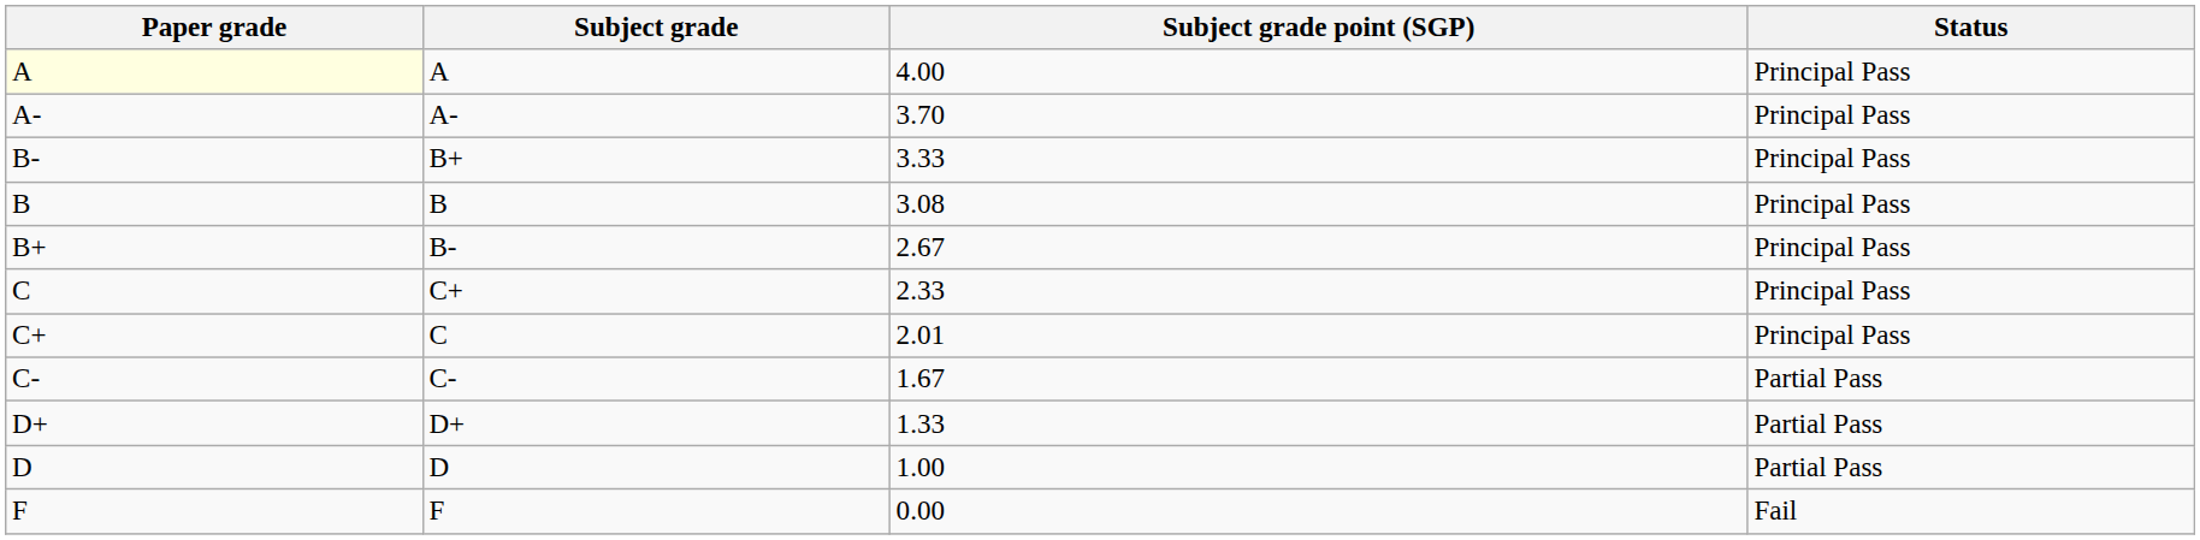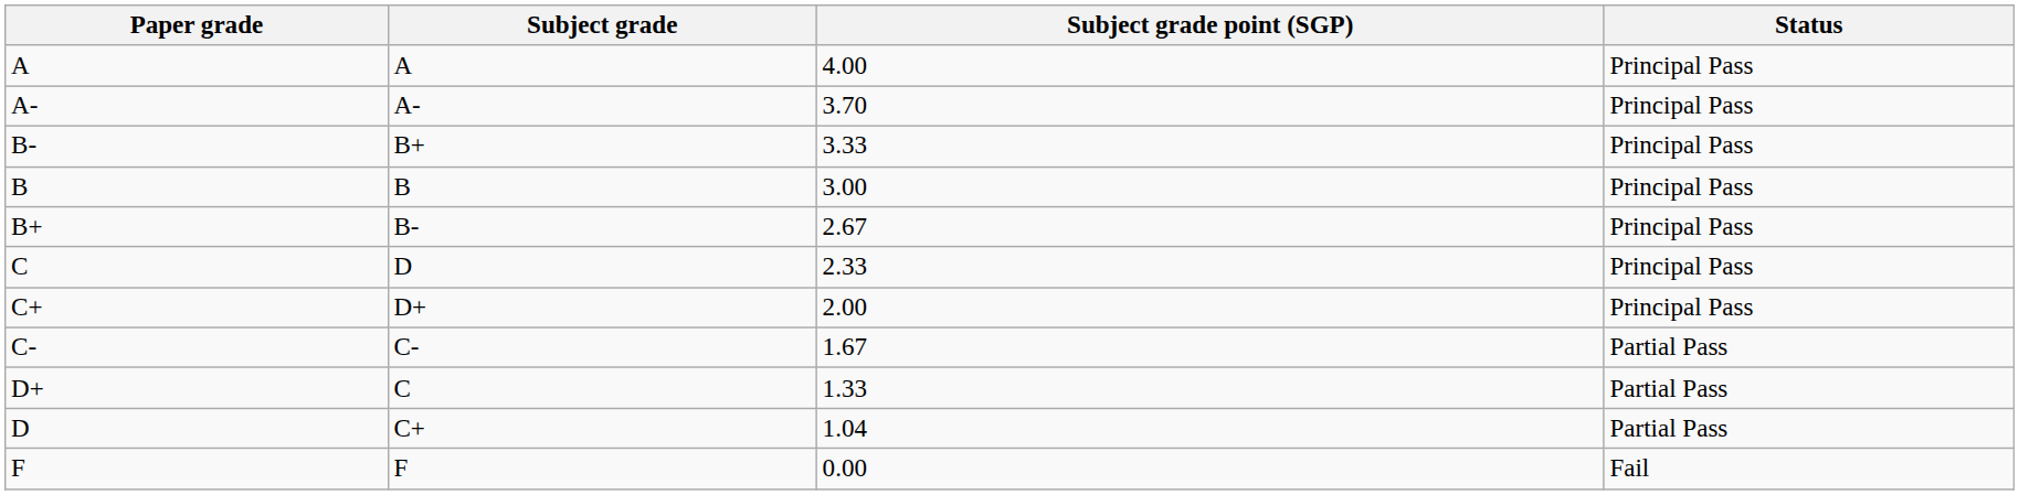 <table class="wikitable" width="100%">
 <tr>
 <th>Paper grade</th>
 <th>Subject grade</th>
 <th>Subject grade point (SGP)</th>
 <th>Status</th>
 </tr>
 <tr>
-<td style="background: lightyellow;">A</td>
+<td>A</td>
 <td>A</td>
 <td>4.00</td>
 <td>Principal Pass</td>
 </tr>
 <tr>
 <td>A-</td>
 <td>A-</td>
 <td>3.70</td>
 <td>Principal Pass</td>
 </tr>
 <tr>
 <td>B-</td>
 <td>B+</td>
 <td>3.33</td>
 <td>Principal Pass</td>
 </tr>
 <tr>
 <td>B</td>
 <td>B</td>
-<td>3.08</td>
+<td>3.00</td>
 <td>Principal Pass</td>
 </tr>
 <tr>
 <td>B+</td>
 <td>B-</td>
 <td>2.67</td>
 <td>Principal Pass</td>
 </tr>
 <tr>
 <td>C</td>
-<td>C+</td>
+<td>D</td>
 <td>2.33</td>
 <td>Principal Pass</td>
 </tr>
 <tr>
 <td>C+</td>
-<td>C</td>
-<td>2.01</td>
+<td>D+</td>
+<td>2.00</td>
 <td>Principal Pass</td>
 </tr>
 <tr>
 <td>C-</td>
 <td>C-</td>
 <td>1.67</td>
 <td>Partial Pass</td>
 </tr>
 <tr>
 <td>D+</td>
-<td>D+</td>
+<td>C</td>
 <td>1.33</td>
 <td>Partial Pass</td>
 </tr>
 <tr>
 <td>D</td>
-<td>D</td>
-<td>1.00</td>
+<td>C+</td>
+<td>1.04</td>
 <td>Partial Pass</td>
 </tr>
 <tr>
 <td>F</td>
 <td>F</td>
 <td>0.00</td>
 <td>Fail</td>
 </tr>
 </table>
